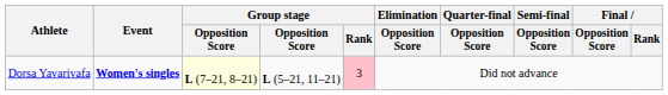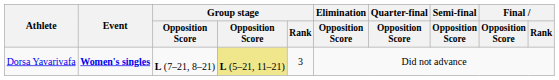 <table class="wikitable" style="font-size:90%">
 <tr>
 <th rowspan="2">Athlete</th>
 <th rowspan="2">Event</th>
 <th colspan="3">Group stage</th>
 <th>Elimination</th>
 <th>Quarter-final</th>
 <th>Semi-final</th>
 <th colspan="2">Final / </th>
 </tr>
 <tr style="font-size:95%">
 <th>Opposition<br>Score</th>
 <th>Opposition<br>Score</th>
 <th>Rank</th>
 <th>Opposition<br>Score</th>
 <th>Opposition<br>Score</th>
 <th>Opposition<br>Score</th>
 <th>Opposition<br>Score</th>
 <th>Rank</th>
 </tr>
 <tr align="center">
 <td align="left"><a href='#'>Dorsa Yavarivafa</a></td>
 <td align="left"><strong><a href='#'>Women's singles</a></strong></td>
-<td style="background: lightyellow;"><br><strong>L</strong> (7–21, 8–21)</td>
-<td><br><strong>L</strong> (5–21, 11–21)</td>
-<td style="background: pink;">3</td>
+<td><br><strong>L</strong> (7–21, 8–21)</td>
+<td style="background: khaki;"><br><strong>L</strong> (5–21, 11–21)</td>
+<td>3</td>
 <td colspan=5>Did not advance</td>
 </tr>
 </table>
